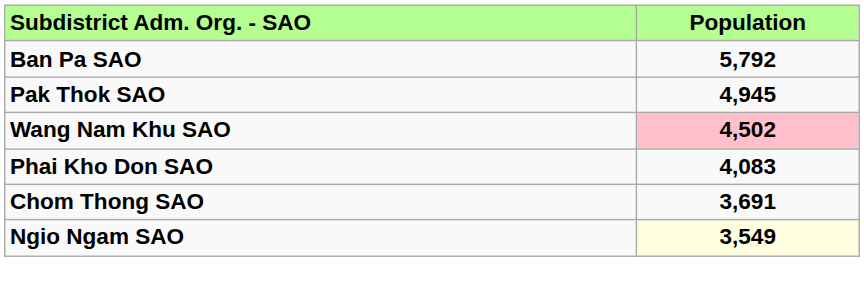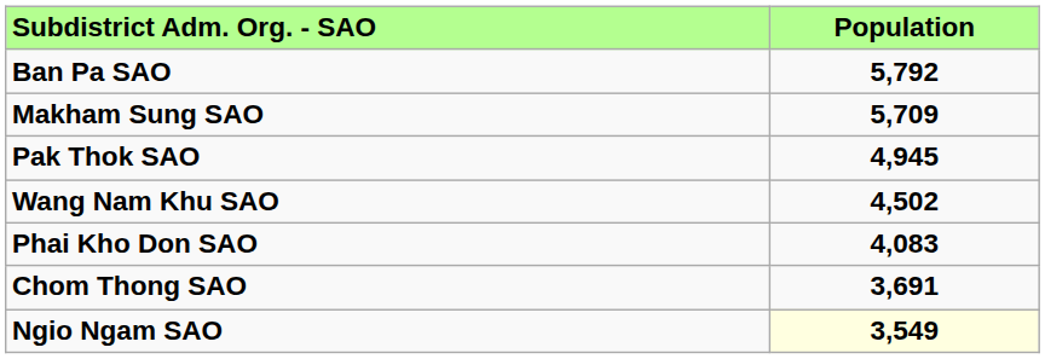 <table class="wikitable" style="width:48%; display:inline-table;">
 <tr>
 <th scope="col" style= "width:74%; background: #b4ff90; text-align:left;"><strong>Subdistrict Adm. Org. - SAO</strong></th>
 <th scope="col" style= "width:26%; background: #b4ff90; text-align:center;"><strong>Population</strong></th>
 </tr>
 <tr>
 <td><strong>Ban Pa SAO</strong></td>
 <td style="text-align:center;"><strong>5,792</strong></td>
 </tr>
 <tr>
+<td><strong>Makham Sung SAO</strong></td>
+<td style="text-align:center;"><strong>5,709</strong></td>
+</tr>
+<tr>
 <td><strong>Pak Thok SAO</strong></td>
 <td style="text-align:center;"><strong>4,945</strong></td>
 </tr>
 <tr>
 <td><strong>Wang Nam Khu SAO</strong></td>
-<td style="background: pink; text-align:center;"><strong>4,502</strong></td>
+<td style="text-align:center;"><strong>4,502</strong></td>
 </tr>
 <tr>
 <td><strong>Phai Kho Don SAO</strong></td>
 <td style="text-align:center;"><strong>4,083</strong></td>
 </tr>
 <tr>
 <td><strong>Chom Thong SAO</strong></td>
 <td style="text-align:center;"><strong>3,691</strong></td>
 </tr>
 <tr>
 <td><strong>Ngio Ngam SAO</strong></td>
 <td style="background: lightyellow; text-align:center;"><strong>3,549</strong></td>
 </tr>
 </table>
